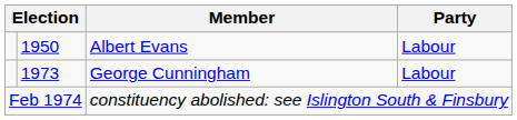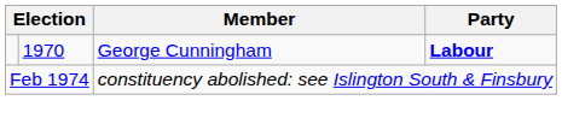 <table class="wikitable">
 <tr>
 <th colspan="2">Election</th>
 <th>Member</th>
 <th>Party</th>
 </tr>
 <tr>
 <td style="color:inherit;background-color: "></td>
-<td><a href='#'>1950</a></td>
-<td><a href='#'>Albert Evans</a></td>
-<td><a href='#'>Labour</a></td>
-</tr>
-<tr>
-<td style="color:inherit;background-color: "></td>
-<td><a href='#'>1973</a></td>
+<td><a href='#'>1970</a></td>
 <td><a href='#'>George Cunningham</a></td>
-<td><a href='#'>Labour</a></td>
+<td><strong><a href='#'>Labour</a></strong></td>
 </tr>
 <tr>
 <td colspan="2" align="right"><a href='#'>Feb 1974</a></td>
 <td colspan="2"><em>constituency abolished: see <a href='#'>Islington South & Finsbury</a></em></td>
 </tr>
 </table>
